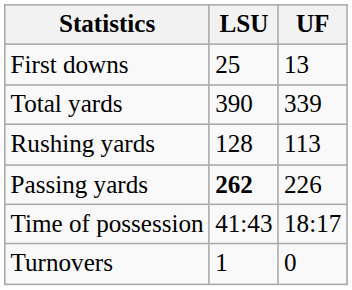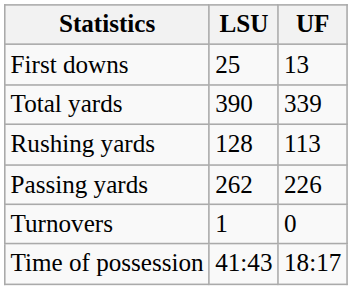 <table class="wikitable" style="float: left;">
 <tr>
 <th>Statistics</th>
 <th>LSU</th>
 <th>UF</th>
 </tr>
 <tr>
 <td>First downs</td>
 <td>25</td>
 <td>13</td>
 </tr>
 <tr>
 <td>Total yards</td>
 <td>390</td>
 <td>339</td>
 </tr>
 <tr>
 <td>Rushing yards</td>
 <td>128</td>
 <td>113</td>
 </tr>
 <tr>
 <td>Passing yards</td>
-<td><strong>262</strong></td>
+<td>262</td>
 <td>226</td>
+</tr>
+<tr>
+<td>Turnovers</td>
+<td>1</td>
+<td>0</td>
 </tr>
 <tr>
 <td>Time of possession</td>
 <td>41:43</td>
 <td>18:17</td>
 </tr>
-<tr>
-<td>Turnovers</td>
-<td>1</td>
-<td>0</td>
-</tr>
 </table>
